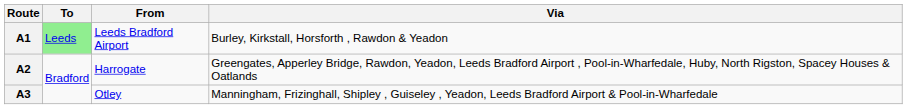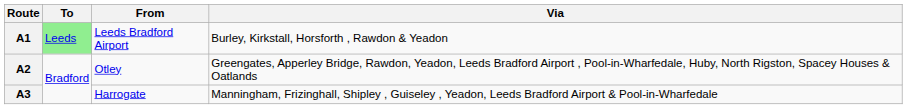 <table class="wikitable sortable mw-collapsible mw-collapsed">
 <tr>
 <th>Route</th>
 <th>To</th>
 <th>From</th>
 <th>Via</th>
 </tr>
 <tr>
 <th>A1</th>
 <td style="background: lightgreen;"><a href='#'>Leeds</a>  </td>
 <td><a href='#'>Leeds Bradford Airport</a> </td>
 <td>Burley, Kirkstall, Horsforth , Rawdon & Yeadon</td>
 </tr>
 <tr>
 <th>A2</th>
 <td rowspan="2"><a href='#'>Bradford</a>  </td>
-<td><a href='#'>Harrogate</a>  </td>
+<td><a href='#'>Otley</a>  </td>
 <td>Greengates, Apperley Bridge, Rawdon, Yeadon, Leeds Bradford Airport , Pool-in-Wharfedale, Huby, North Rigston, Spacey Houses & Oatlands</td>
 </tr>
 <tr>
 <th>A3</th>
-<td><a href='#'>Otley</a>  </td>
+<td><a href='#'>Harrogate</a>  </td>
 <td>Manningham, Frizinghall, Shipley , Guiseley , Yeadon, Leeds Bradford Airport  & Pool-in-Wharfedale</td>
 </tr>
 </table>
